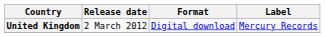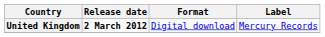 <table class="wikitable plainrowheaders">
 <tr>
 <th scope="col">Country</th>
 <th scope="col">Release date</th>
 <th scope="col">Format</th>
 <th scope="col">Label</th>
 </tr>
 <tr>
 <th scope="row">United Kingdom</th>
-<td>2 March 2012</td>
+<td><strong>2 March 2012</strong></td>
 <td><a href='#'>Digital download</a></td>
 <td><a href='#'>Mercury Records</a></td>
 </tr>
 <tr>
 </tr>
 </table>
